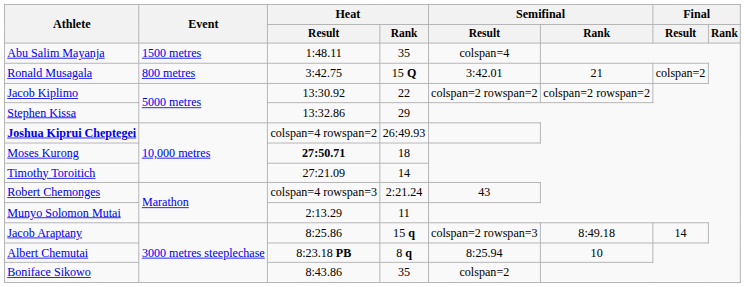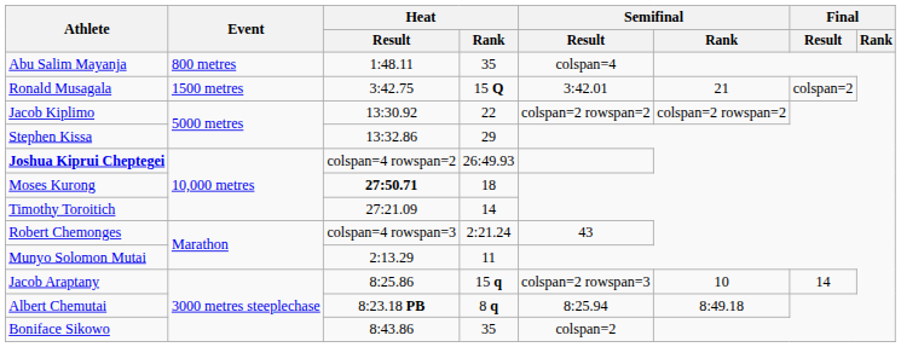 <table class="wikitable" style="font-size:90%">
 <tr>
 <th rowspan="2">Athlete</th>
 <th rowspan="2">Event</th>
 <th colspan="2">Heat</th>
 <th colspan="2">Semifinal</th>
 <th colspan="2">Final</th>
 </tr>
 <tr style="font-size:95%">
 <th>Result</th>
 <th>Rank</th>
 <th>Result</th>
 <th>Rank</th>
 <th>Result</th>
 <th>Rank</th>
 </tr>
 <tr style=text-align:center>
 <td style=text-align:left><a href='#'>Abu Salim Mayanja</a></td>
-<td style=text-align:left><a href='#'>1500 metres</a></td>
+<td style=text-align:left><a href='#'>800 metres</a></td>
 <td>1:48.11</td>
 <td>35</td>
 <td>colspan=4 </td>
 </tr>
 <tr style=text-align:center>
 <td style=text-align:left><a href='#'>Ronald Musagala</a></td>
-<td style=text-align:left><a href='#'>800 metres</a></td>
+<td style=text-align:left><a href='#'>1500 metres</a></td>
 <td>3:42.75</td>
 <td>15 <strong>Q</strong></td>
 <td>3:42.01</td>
 <td>21</td>
 <td>colspan=2 </td>
 </tr>
 <tr style=text-align:center>
 <td style=text-align:left><a href='#'>Jacob Kiplimo</a></td>
 <td style=text-align:left rowspan=2><a href='#'>5000 metres</a></td>
 <td>13:30.92</td>
 <td>22</td>
 <td>colspan=2 rowspan=2 </td>
 <td>colspan=2 rowspan=2 </td>
 </tr>
 <tr style=text-align:center>
 <td style=text-align:left><a href='#'>Stephen Kissa</a></td>
 <td>13:32.86</td>
 <td>29</td>
 </tr>
 <tr style=text-align:center>
 <td style=text-align:left><strong><a href='#'>Joshua Kiprui Cheptegei</a></strong></td>
 <td style=text-align:left rowspan=3><a href='#'>10,000 metres</a></td>
 <td>colspan=4 rowspan=2 </td>
 <td>26:49.93</td>
 <td></td>
 </tr>
 <tr style=text-align:center>
 <td style=text-align:left><a href='#'>Moses Kurong</a></td>
 <td><strong>27:50.71</strong></td>
 <td>18</td>
 </tr>
 <tr style=text-align:center>
 <td style=text-align:left><a href='#'>Timothy Toroitich</a></td>
 <td>27:21.09</td>
 <td>14</td>
 </tr>
 <tr style=text-align:center>
 <td style=text-align:left><a href='#'>Robert Chemonges</a></td>
 <td style=text-align:left rowspan=2><a href='#'>Marathon</a></td>
 <td>colspan=4 rowspan=3 </td>
 <td>2:21.24</td>
 <td>43</td>
 </tr>
 <tr style=text-align:center>
 <td style=text-align:left><a href='#'>Munyo Solomon Mutai</a></td>
 <td>2:13.29</td>
 <td>11</td>
 </tr>
 <tr style=text-align:center>
 <td style=text-align:left><a href='#'>Jacob Araptany</a></td>
 <td style=text-align:left rowspan=3><a href='#'>3000 metres steeplechase</a></td>
 <td>8:25.86</td>
 <td>15 <strong>q</strong></td>
 <td>colspan=2 rowspan=3</td>
-<td>8:49.18</td>
+<td>10</td>
 <td>14</td>
 </tr>
 <tr style=text-align:center>
 <td style=text-align:left><a href='#'>Albert Chemutai</a></td>
 <td>8:23.18 <strong>PB</strong></td>
 <td>8 <strong>q</strong></td>
 <td>8:25.94</td>
-<td>10</td>
+<td>8:49.18</td>
 </tr>
 <tr style=text-align:center>
 <td style=text-align:left><a href='#'>Boniface Sikowo</a></td>
 <td>8:43.86</td>
 <td>35</td>
 <td>colspan=2 </td>
 </tr>
 </table>
